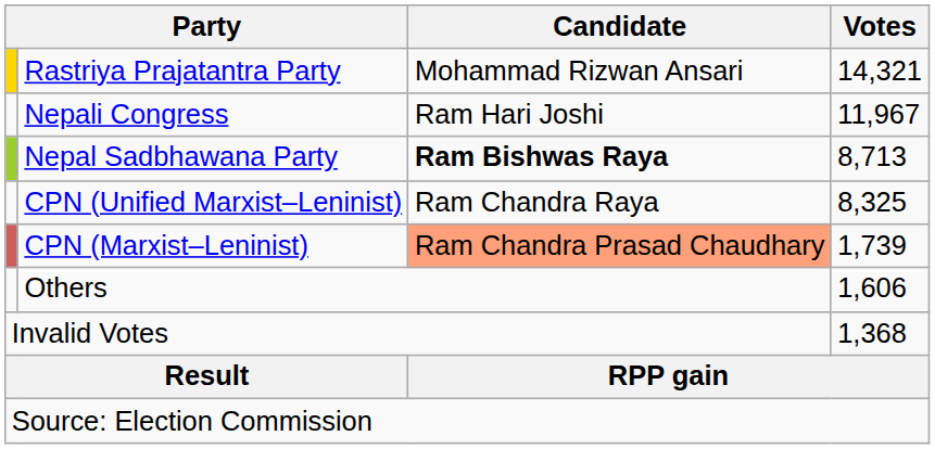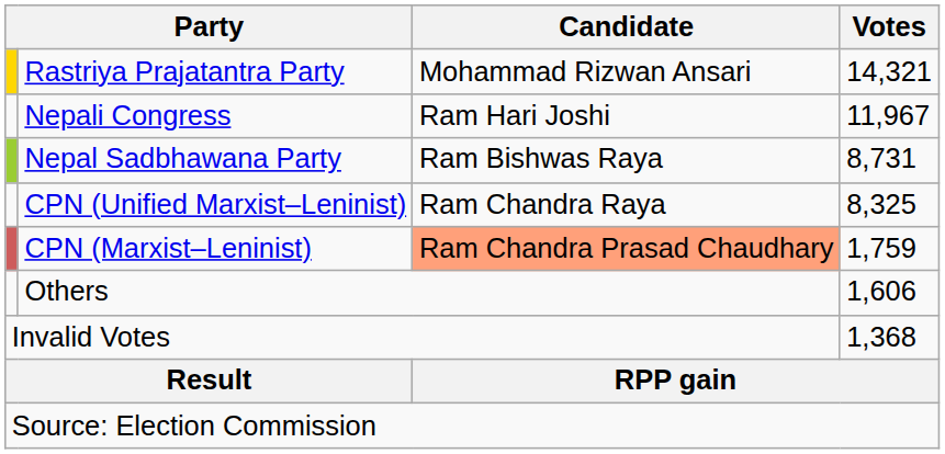 <table class="wikitable">
 <tr>
 <th colspan="2">Party</th>
 <th>Candidate</th>
 <th>Votes</th>
 </tr>
 <tr>
 <td style="background-color:gold"></td>
 <td><a href='#'>Rastriya Prajatantra Party</a></td>
 <td>Mohammad Rizwan Ansari</td>
 <td>14,321</td>
 </tr>
 <tr>
 <td style="background-color:"></td>
 <td><a href='#'>Nepali Congress</a></td>
 <td>Ram Hari Joshi</td>
 <td>11,967</td>
 </tr>
 <tr>
 <td style="background-color:yellowgreen"></td>
 <td><a href='#'>Nepal Sadbhawana Party</a></td>
-<td><strong>Ram Bishwas Raya</strong></td>
-<td>8,713</td>
+<td>Ram Bishwas Raya</td>
+<td>8,731</td>
 </tr>
 <tr>
 <td style="background-color:"></td>
 <td><a href='#'>CPN (Unified Marxist–Leninist)</a></td>
 <td>Ram Chandra Raya</td>
 <td>8,325</td>
 </tr>
 <tr>
 <td style="background-color:indianred"></td>
 <td><a href='#'>CPN (Marxist–Leninist)</a></td>
 <td style="background: lightsalmon;">Ram Chandra Prasad Chaudhary</td>
-<td>1,739</td>
+<td>1,759</td>
 </tr>
 <tr>
 <td></td>
 <td colspan="2">Others</td>
 <td>1,606</td>
 </tr>
 <tr>
 <td colspan="3">Invalid Votes</td>
 <td>1,368</td>
 </tr>
 <tr>
 <th colspan="2">Result</th>
 <th colspan="2">RPP gain</th>
 </tr>
 <tr>
 <td colspan="4">Source: Election Commission</td>
 </tr>
 </table>
